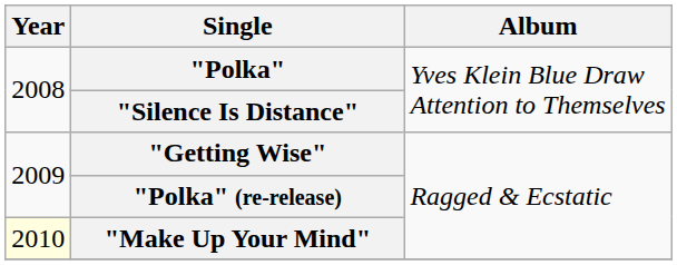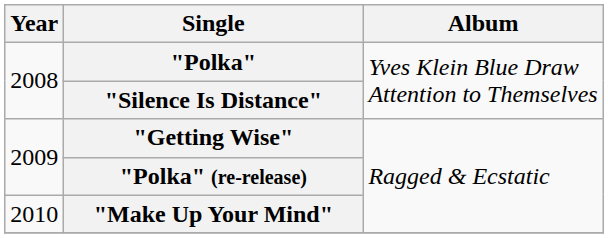 <table class="wikitable plainrowheaders" style="text-align:center;">
 <tr>
 <th>Year</th>
 <th style="width:12em;">Single</th>
 <th>Album</th>
 </tr>
 <tr>
 <td rowspan="2">2008</td>
 <th scope="row">"Polka"</th>
 <td align="left" rowspan="2"><em>Yves Klein Blue Draw<br>Attention to Themselves</em></td>
 </tr>
 <tr>
 <th scope="row">"Silence Is Distance"</th>
 </tr>
 <tr>
 <td rowspan="2">2009</td>
 <th scope="row">"Getting Wise"</th>
 <td align="left" rowspan="3"><em>Ragged & Ecstatic</em></td>
 </tr>
 <tr>
 <th scope="row">"Polka" <small>(re-release)</small></th>
 </tr>
 <tr>
-<td style="background: lightyellow;">2010</td>
+<td>2010</td>
 <th scope="row">"Make Up Your Mind"</th>
 </tr>
 <tr>
 </tr>
 </table>
